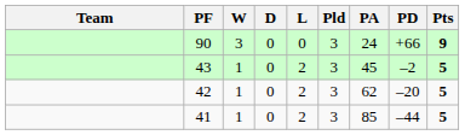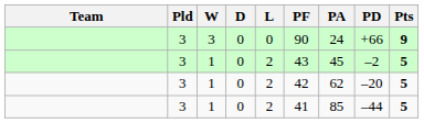 <table class="wikitable" style="text-align:center;">
 <tr>
 <th width=175>Team</th>
-<th width=32 abbr="Points for">PF</th>
+<th width=25 abbr="Played">Pld</th>
 <th width=25 abbr="Won">W</th>
 <th width=25 abbr="Drawn">D</th>
 <th width=25 abbr="Lost">L</th>
-<th width=25 abbr="Played">Pld</th>
+<th width=32 abbr="Points for">PF</th>
 <th width=32 abbr="Points against">PA</th>
 <th width=32 abbr="Points difference">PD</th>
 <th width=25 abbr="Points">Pts</th>
 </tr>
 <tr bgcolor=ccffcc>
 <td align=left></td>
-<td>90</td>
+<td>3</td>
 <td>3</td>
 <td>0</td>
 <td>0</td>
-<td>3</td>
+<td>90</td>
 <td>24</td>
 <td>+66</td>
 <td><strong>9</strong></td>
 </tr>
 <tr bgcolor=ccffcc>
 <td align=left></td>
-<td>43</td>
+<td>3</td>
 <td>1</td>
 <td>0</td>
 <td>2</td>
-<td>3</td>
+<td>43</td>
 <td>45</td>
 <td>–2</td>
 <td><strong>5</strong></td>
 </tr>
 <tr>
 <td align=left></td>
-<td>42</td>
+<td>3</td>
 <td>1</td>
 <td>0</td>
 <td>2</td>
-<td>3</td>
+<td>42</td>
 <td>62</td>
 <td>–20</td>
 <td><strong>5</strong></td>
 </tr>
 <tr>
 <td align=left></td>
-<td>41</td>
+<td>3</td>
 <td>1</td>
 <td>0</td>
 <td>2</td>
-<td>3</td>
+<td>41</td>
 <td>85</td>
 <td>–44</td>
 <td><strong>5</strong></td>
 </tr>
 </table>
